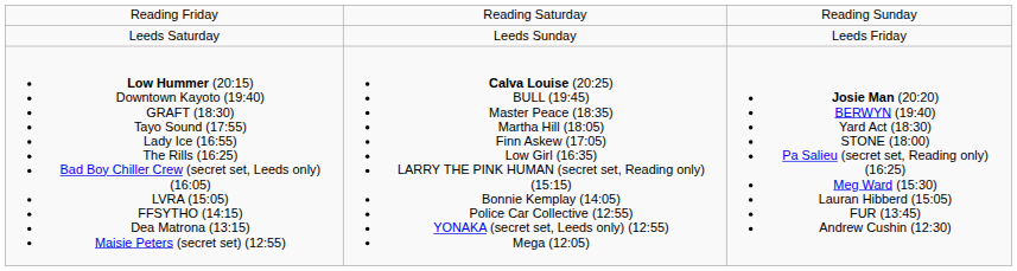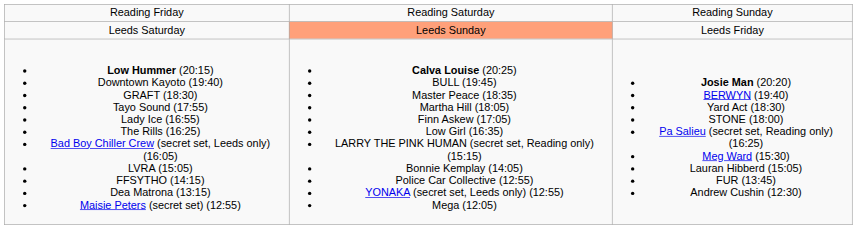 <table class="wikitable" style="text-align:center;">
 <tr>
 <td>Reading Friday</td>
 <td>Reading Saturday</td>
 <td>Reading Sunday</td>
 </tr>
 <tr>
 <td>Leeds Saturday</td>
-<td>Leeds Sunday</td>
+<td style="background: lightsalmon;">Leeds Sunday</td>
 <td>Leeds Friday</td>
 </tr>
 <tr>
 <td><br><ul><li><strong>Low Hummer</strong> (20:15)</li><li>Downtown Kayoto (19:40)</li><li>GRAFT (18:30)</li><li>Tayo Sound (17:55)</li><li>Lady Ice (16:55)</li><li>The Rills (16:25)</li><li><a href='#'>Bad Boy Chiller Crew</a> (secret set, Leeds only) (16:05)</li><li>LVRA (15:05)</li><li>FFSYTHO (14:15)</li><li>Dea Matrona (13:15)</li><li><a href='#'>Maisie Peters</a> (secret set) (12:55)</li></ul></td>
 <td><br><ul><li><strong>Calva Louise</strong> (20:25)</li><li>BULL (19:45)</li><li>Master Peace (18:35)</li><li>Martha Hill (18:05)</li><li>Finn Askew (17:05)</li><li>Low Girl (16:35)</li><li>LARRY THE PINK HUMAN (secret set, Reading only) (15:15)</li><li>Bonnie Kemplay (14:05)</li><li>Police Car Collective (12:55)</li><li><a href='#'>YONAKA</a> (secret set, Leeds only) (12:55)</li><li>Mega (12:05)</li></ul></td>
 <td><br><ul><li><strong>Josie Man</strong> (20:20)</li><li><a href='#'>BERWYN</a> (19:40)</li><li>Yard Act (18:30)</li><li>STONE (18:00)</li><li><a href='#'>Pa Salieu</a> (secret set, Reading only) (16:25)</li><li><a href='#'>Meg Ward</a> (15:30)</li><li>Lauran Hibberd (15:05)</li><li>FUR (13:45)</li><li>Andrew Cushin (12:30)</li></ul></td>
 </tr>
 </table>
